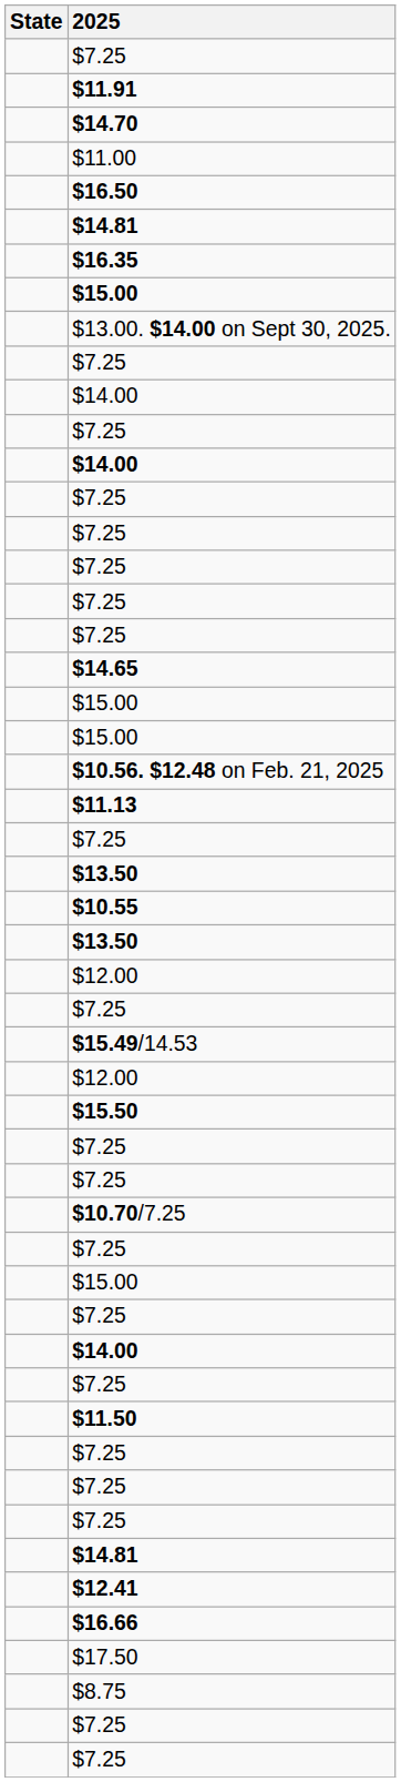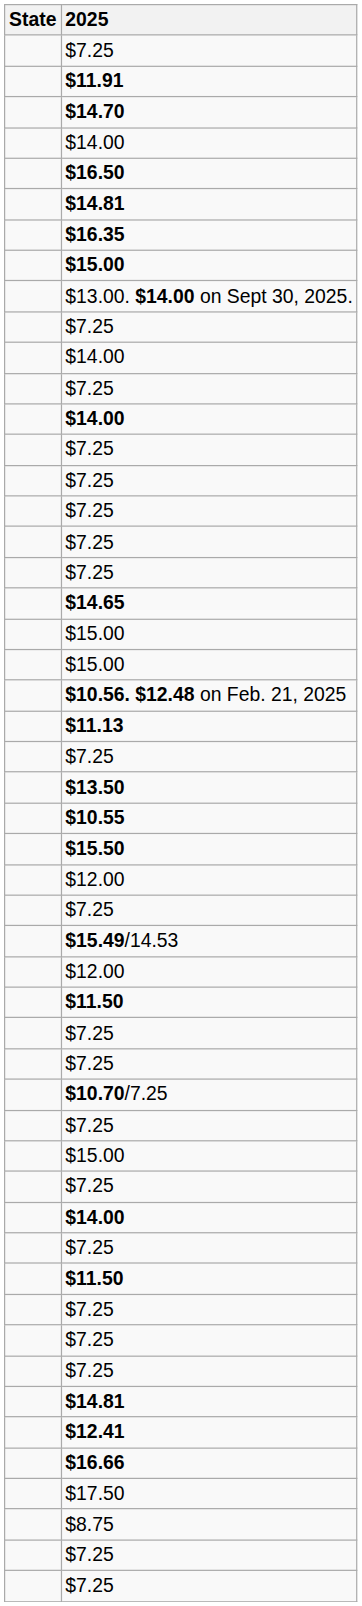 <table class="wikitable sortable mw-datatable static-row-numbers sticky-table-head">
 <tr>
 <th>State</th>
 <th data-sort-type=currency style=text-align:left>2025</th>
 </tr>
 <tr>
 <td></td>
 <td>$7.25</td>
 </tr>
 <tr>
 <td></td>
 <td><strong>$11.91</strong></td>
 </tr>
 <tr>
 <td></td>
 <td><strong>$14.70</strong></td>
 </tr>
 <tr>
 <td></td>
-<td>$11.00</td>
+<td>$14.00</td>
 </tr>
 <tr>
 <td></td>
 <td><strong>$16.50</strong></td>
 </tr>
 <tr>
 <td></td>
 <td><strong>$14.81</strong></td>
 </tr>
 <tr>
 <td></td>
 <td><strong>$16.35</strong></td>
 </tr>
 <tr>
 <td></td>
 <td><strong>$15.00</strong></td>
 </tr>
 <tr>
 <td></td>
 <td>$13.00. <strong>$14.00</strong> on Sept 30, 2025.</td>
 </tr>
 <tr>
 <td></td>
 <td>$7.25</td>
 </tr>
 <tr>
 <td></td>
 <td>$14.00</td>
 </tr>
 <tr>
 <td></td>
 <td>$7.25</td>
 </tr>
 <tr>
 <td></td>
 <td><strong>$14.00</strong></td>
 </tr>
 <tr>
 <td></td>
 <td>$7.25</td>
 </tr>
 <tr>
 <td></td>
 <td>$7.25</td>
 </tr>
 <tr>
 <td></td>
 <td>$7.25</td>
 </tr>
 <tr>
 <td></td>
 <td>$7.25</td>
 </tr>
 <tr>
 <td></td>
 <td>$7.25</td>
 </tr>
 <tr>
 <td></td>
 <td><strong>$14.65</strong></td>
 </tr>
 <tr>
 <td></td>
 <td>$15.00</td>
 </tr>
 <tr>
 <td></td>
 <td>$15.00</td>
 </tr>
 <tr>
 <td></td>
 <td><strong>$10.56.</strong> <strong>$12.48</strong> on Feb. 21, 2025</td>
 </tr>
 <tr>
 <td></td>
 <td><strong>$11.13</strong></td>
 </tr>
 <tr>
 <td></td>
 <td>$7.25</td>
 </tr>
 <tr>
 <td></td>
 <td><strong>$13.50</strong></td>
 </tr>
 <tr>
 <td></td>
 <td><strong>$10.55</strong></td>
 </tr>
 <tr>
 <td></td>
-<td><strong>$13.50</strong></td>
+<td><strong>$15.50</strong></td>
 </tr>
 <tr>
 <td></td>
 <td>$12.00</td>
 </tr>
 <tr>
 <td></td>
 <td>$7.25</td>
 </tr>
 <tr>
 <td></td>
 <td><strong>$15.49</strong>/14.53</td>
 </tr>
 <tr>
 <td></td>
 <td>$12.00</td>
 </tr>
 <tr>
 <td></td>
-<td><strong>$15.50</strong></td>
+<td><strong>$11.50</strong></td>
 </tr>
 <tr>
 <td></td>
 <td>$7.25</td>
 </tr>
 <tr>
 <td></td>
 <td>$7.25</td>
 </tr>
 <tr>
 <td></td>
 <td><strong>$10.70</strong>/7.25</td>
 </tr>
 <tr>
 <td></td>
 <td>$7.25</td>
 </tr>
 <tr>
 <td></td>
 <td>$15.00</td>
 </tr>
 <tr>
 <td></td>
 <td>$7.25</td>
 </tr>
 <tr>
 <td></td>
 <td><strong>$14.00</strong></td>
 </tr>
 <tr>
 <td></td>
 <td>$7.25</td>
 </tr>
 <tr>
 <td></td>
 <td><strong>$11.50</strong></td>
 </tr>
 <tr>
 <td></td>
 <td>$7.25</td>
 </tr>
 <tr>
 <td></td>
 <td>$7.25</td>
 </tr>
 <tr>
 <td></td>
 <td>$7.25</td>
 </tr>
 <tr>
 <td></td>
 <td><strong>$14.81</strong></td>
 </tr>
 <tr>
 <td></td>
 <td><strong>$12.41</strong></td>
 </tr>
 <tr>
 <td></td>
 <td><strong>$16.66</strong></td>
 </tr>
 <tr>
 <td></td>
 <td>$17.50</td>
 </tr>
 <tr>
 <td></td>
 <td>$8.75</td>
 </tr>
 <tr>
 <td></td>
 <td>$7.25</td>
 </tr>
 <tr>
 <td></td>
 <td>$7.25</td>
 </tr>
 </table>
